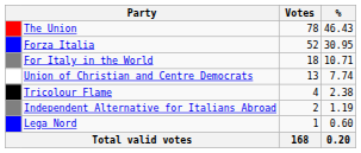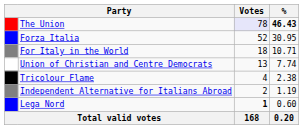 <table class="wikitable">
 <tr>
 <th colspan="2" style="width: 130px">Party</th>
 <th style="width: 50px">Votes</th>
 <th style="width: 40px">%</th>
 </tr>
 <tr>
 <td style="background-color:red">  </td>
 <td style="text-align: left"><a href='#'>The Union</a></td>
-<td style="text-align: right">78</td>
-<td style="text-align: right">46.43</td>
+<td style="background: lavender; text-align: right">78</td>
+<td style="text-align: right"><strong>46.43</strong></td>
 </tr>
 <tr>
 <td style="background-color:blue">  </td>
 <td style="text-align: left"><a href='#'>Forza Italia</a></td>
 <td style="text-align: right">52</td>
 <td style="text-align: right">30.95</td>
 </tr>
 <tr>
 <td style="background-color:grey">  </td>
 <td style="text-align: left"><a href='#'>For Italy in the World</a></td>
 <td align="right">18</td>
 <td align="right">10.71</td>
 </tr>
 <tr>
 <td style="background-color:white">  </td>
 <td style="text-align: left"><a href='#'>Union of Christian and Centre Democrats</a></td>
 <td align="right">13</td>
 <td align="right">7.74</td>
 </tr>
 <tr>
 <td style="background-color:black">  </td>
 <td style="text-align: left"><a href='#'>Tricolour Flame</a></td>
 <td align="right">4</td>
 <td align="right">2.38</td>
 </tr>
 <tr>
 <td style="background-color:grey">  </td>
 <td style="text-align: left"><a href='#'>Independent Alternative for Italians Abroad</a></td>
 <td align="right">2</td>
 <td align="right">1.19</td>
 </tr>
 <tr>
 <td style="background-color:blue">  </td>
 <td style="text-align: left"><a href='#'>Lega Nord</a></td>
-<td align="right">1</td>
+<td align="right"><strong>1</strong></td>
 <td align="right">0.60</td>
 </tr>
 <tr bgcolor="white">
 <th align="right" colspan=2>Total valid votes</th>
 <th align="right">168</th>
 <th align="right">0.20</th>
 </tr>
 </table>
